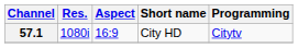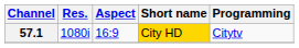 <table class="wikitable">
 <tr>
 <th><a href='#'>Channel</a></th>
 <th><a href='#'>Res.</a></th>
 <th><a href='#'>Aspect</a></th>
 <th>Short name</th>
 <th>Programming</th>
 </tr>
 <tr>
 <th scope = "row">57.1</th>
 <td><a href='#'>1080i</a></td>
 <td><a href='#'>16:9</a></td>
-<td>City HD</td>
+<td style="background: gold;">City HD</td>
 <td><a href='#'>Citytv</a></td>
 </tr>
 <tr>
 </tr>
 </table>
